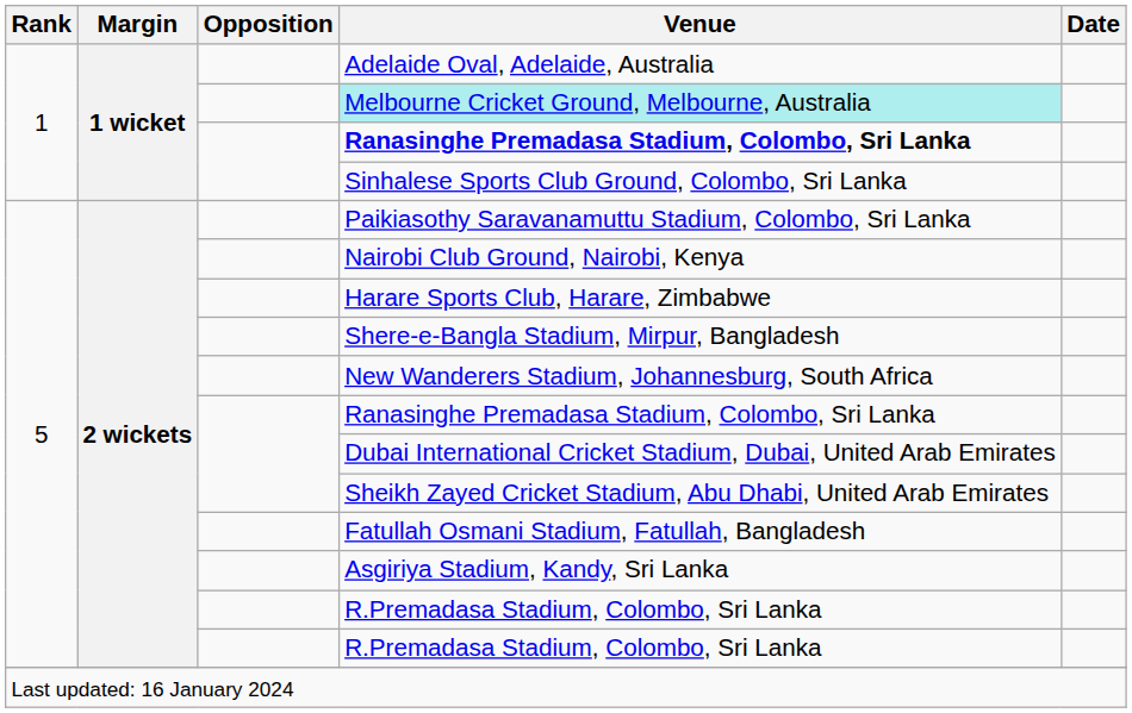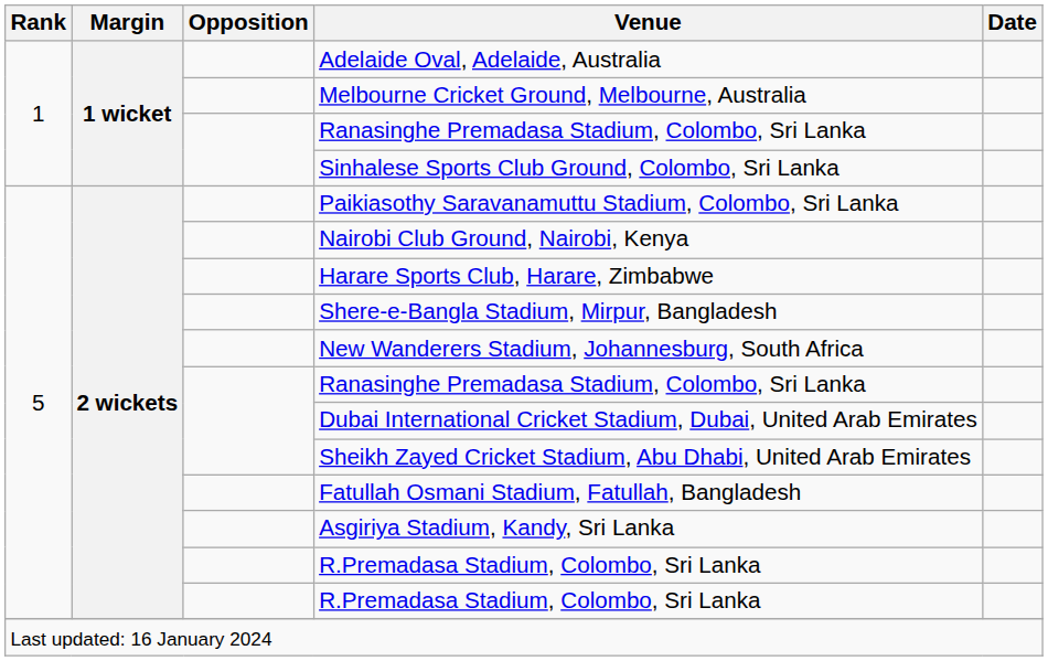 <table class="wikitable plainrowheaders sortable">
 <tr>
 <th scope=col>Rank</th>
 <th scope=col>Margin</th>
 <th scope=col>Opposition</th>
 <th scope=col>Venue</th>
 <th scope=col>Date</th>
 </tr>
 <tr>
 <td align=center rowspan=4>1</td>
 <th scope=row style=text-align:center; rowspan=4>1 wicket</th>
 <td></td>
 <td><a href='#'>Adelaide Oval</a>, <a href='#'>Adelaide</a>, Australia</td>
 <td></td>
 </tr>
 <tr>
 <td></td>
-<td style="background: paleturquoise;"><a href='#'>Melbourne Cricket Ground</a>, <a href='#'>Melbourne</a>, Australia</td>
+<td><a href='#'>Melbourne Cricket Ground</a>, <a href='#'>Melbourne</a>, Australia</td>
 <td></td>
 </tr>
 <tr>
 <td rowspan=2></td>
-<td><strong><a href='#'>Ranasinghe Premadasa Stadium</a>, <a href='#'>Colombo</a>, Sri Lanka</strong></td>
+<td><a href='#'>Ranasinghe Premadasa Stadium</a>, <a href='#'>Colombo</a>, Sri Lanka</td>
 <td></td>
 </tr>
 <tr>
 <td><a href='#'>Sinhalese Sports Club Ground</a>, <a href='#'>Colombo</a>, Sri Lanka</td>
 <td></td>
 </tr>
 <tr>
 <td rowspan="12" align="center">5</td>
 <th rowspan="12" scope="row" style="text-align:center;">2 wickets</th>
 <td></td>
 <td><a href='#'>Paikiasothy Saravanamuttu Stadium</a>, <a href='#'>Colombo</a>, Sri Lanka</td>
 <td></td>
 </tr>
 <tr>
 <td></td>
 <td><a href='#'>Nairobi Club Ground</a>, <a href='#'>Nairobi</a>, Kenya</td>
 <td></td>
 </tr>
 <tr>
 <td></td>
 <td><a href='#'>Harare Sports Club</a>, <a href='#'>Harare</a>, Zimbabwe</td>
 <td></td>
 </tr>
 <tr>
 <td></td>
 <td><a href='#'>Shere-e-Bangla Stadium</a>, <a href='#'>Mirpur</a>, Bangladesh</td>
 <td></td>
 </tr>
 <tr>
 <td></td>
 <td><a href='#'>New Wanderers Stadium</a>, <a href='#'>Johannesburg</a>, South Africa</td>
 <td></td>
 </tr>
 <tr>
 <td rowspan=3></td>
 <td><a href='#'>Ranasinghe Premadasa Stadium</a>, <a href='#'>Colombo</a>, Sri Lanka</td>
 <td></td>
 </tr>
 <tr>
 <td><a href='#'>Dubai International Cricket Stadium</a>, <a href='#'>Dubai</a>, United Arab Emirates</td>
 <td></td>
 </tr>
 <tr>
 <td><a href='#'>Sheikh Zayed Cricket Stadium</a>, <a href='#'>Abu Dhabi</a>, United Arab Emirates</td>
 <td></td>
 </tr>
 <tr>
 <td></td>
 <td><a href='#'>Fatullah Osmani Stadium</a>, <a href='#'>Fatullah</a>, Bangladesh</td>
 <td></td>
 </tr>
 <tr>
 <td></td>
 <td><a href='#'>Asgiriya Stadium</a>, <a href='#'>Kandy</a>, Sri Lanka</td>
 <td></td>
 </tr>
 <tr>
 <td></td>
 <td><a href='#'>R.Premadasa Stadium</a>, <a href='#'>Colombo</a>, Sri Lanka</td>
 <td></td>
 </tr>
 <tr>
 <td></td>
 <td><a href='#'>R.Premadasa Stadium</a>, <a href='#'>Colombo</a>, Sri Lanka</td>
 <td></td>
 </tr>
 <tr>
 </tr>
 <tr class=sortbottom>
 <td colspan=6><small>Last updated: 16 January 2024</small></td>
 </tr>
 </table>
